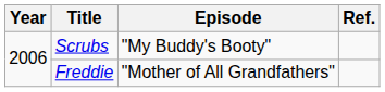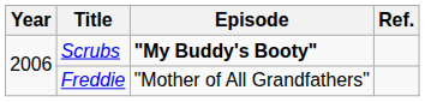 <table class="wikitable">
 <tr>
 <th>Year</th>
 <th>Title</th>
 <th>Episode</th>
 <th>Ref.</th>
 </tr>
 <tr>
 <td rowspan=2>2006</td>
 <td><em><a href='#'>Scrubs</a></em></td>
-<td>"My Buddy's Booty"</td>
+<td><strong>"My Buddy's Booty"</strong></td>
 <td></td>
 </tr>
 <tr>
 <td><em><a href='#'>Freddie</a></em></td>
 <td>"Mother of All Grandfathers"</td>
 <td></td>
 </tr>
 </table>
